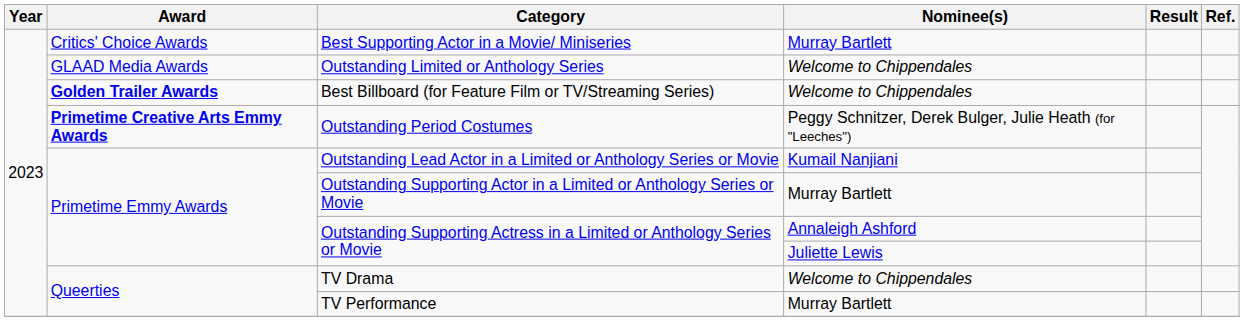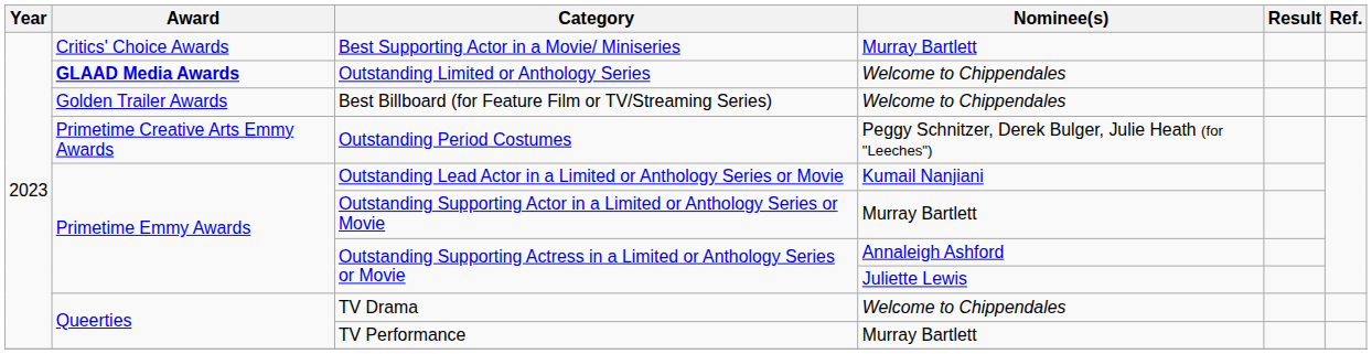 <table class="wikitable">
 <tr>
 <th>Year</th>
 <th>Award</th>
 <th>Category</th>
 <th>Nominee(s)</th>
 <th>Result</th>
 <th>Ref.</th>
 </tr>
 <tr>
 <td rowspan="10">2023</td>
 <td><a href='#'>Critics' Choice Awards</a></td>
 <td><a href='#'>Best Supporting Actor in a Movie/ Miniseries</a></td>
 <td><a href='#'>Murray Bartlett</a></td>
 <td></td>
 <td style="text-align:center;"></td>
 </tr>
 <tr>
-<td><a href='#'>GLAAD Media Awards</a></td>
+<td><strong><a href='#'>GLAAD Media Awards</a></strong></td>
 <td><a href='#'>Outstanding Limited or Anthology Series</a></td>
 <td><em>Welcome to Chippendales</em></td>
 <td></td>
 <td style="text-align:center;"></td>
 </tr>
 <tr>
-<td><strong><a href='#'>Golden Trailer Awards</a></strong></td>
+<td><a href='#'>Golden Trailer Awards</a></td>
 <td>Best Billboard (for Feature Film or TV/Streaming Series)</td>
 <td><em>Welcome to Chippendales</em></td>
 <td></td>
 <td style="text-align:center;"></td>
 </tr>
 <tr>
-<td><strong><a href='#'>Primetime Creative Arts Emmy Awards</a></strong></td>
+<td><a href='#'>Primetime Creative Arts Emmy Awards</a></td>
 <td><a href='#'>Outstanding Period Costumes</a></td>
 <td>Peggy Schnitzer, Derek Bulger, Julie Heath <small>(for "Leeches")</small></td>
 <td></td>
 <td style="text-align:center;" rowspan="5"></td>
 </tr>
 <tr>
 <td rowspan="4"><a href='#'>Primetime Emmy Awards</a></td>
 <td><a href='#'>Outstanding Lead Actor in a Limited or Anthology Series or Movie</a></td>
 <td><a href='#'>Kumail Nanjiani</a></td>
 <td></td>
 </tr>
 <tr>
 <td><a href='#'>Outstanding Supporting Actor in a Limited or Anthology Series or Movie</a></td>
 <td>Murray Bartlett</td>
 <td></td>
 </tr>
 <tr>
 <td rowspan="2"><a href='#'>Outstanding Supporting Actress in a Limited or Anthology Series or Movie</a></td>
 <td><a href='#'>Annaleigh Ashford</a></td>
 <td></td>
 </tr>
 <tr>
 <td><a href='#'>Juliette Lewis</a></td>
 <td></td>
 </tr>
 <tr>
 <td rowspan="2"><a href='#'>Queerties</a></td>
 <td>TV Drama</td>
 <td><em>Welcome to Chippendales</em></td>
 <td></td>
 <td style="text-align:center;"></td>
 </tr>
 <tr>
 <td>TV Performance</td>
 <td>Murray Bartlett</td>
 <td></td>
 <td style="text-align:center;"></td>
 </tr>
 <tr>
 </tr>
 </table>
